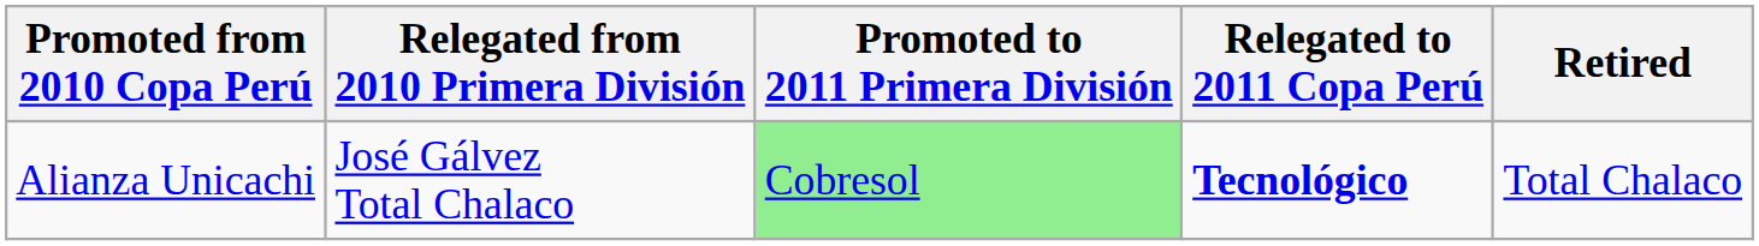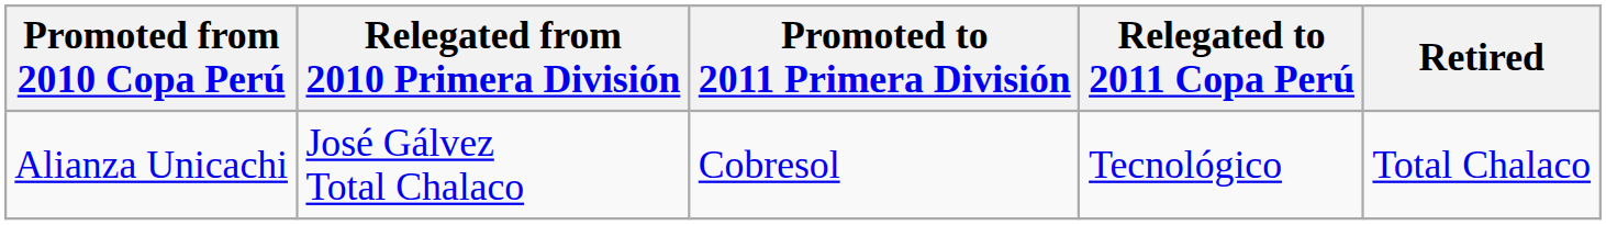 <table class="wikitable">
 <tr>
 <th>Promoted from<br><a href='#'>2010 Copa Perú</a></th>
 <th>Relegated from<br><a href='#'>2010 Primera División</a></th>
 <th>Promoted to<br><a href='#'>2011 Primera División</a></th>
 <th>Relegated to<br><a href='#'>2011 Copa Perú</a></th>
 <th>Retired</th>
 </tr>
 <tr>
 <td> <a href='#'>Alianza Unicachi</a> </td>
 <td> <a href='#'>José Gálvez</a> <br> <a href='#'>Total Chalaco</a> </td>
-<td style="background: lightgreen;"> <a href='#'>Cobresol</a> </td>
-<td><strong> <a href='#'>Tecnológico</a> </strong></td>
+<td> <a href='#'>Cobresol</a> </td>
+<td> <a href='#'>Tecnológico</a> </td>
 <td> <a href='#'>Total Chalaco</a> </td>
 </tr>
 </table>
